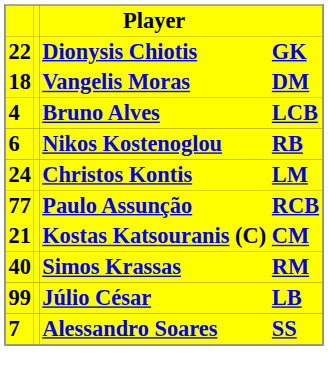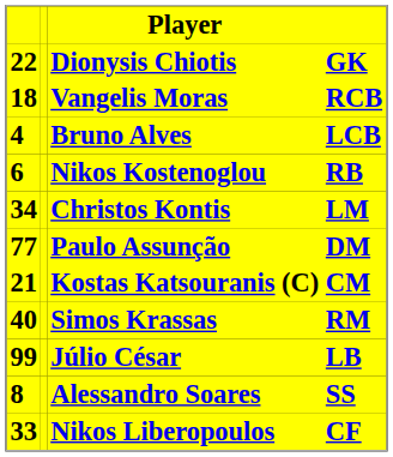 <table class="toccolours" border="0" cellpadding="2" cellspacing="0" align="center" style="margin: 0.5em 0 1em 1em; background: #000000; border: 1px #aaaaaa solid;">
 <tr bgcolor=#FFFF00>
 <th></th>
 <th></th>
 <th>Player</th>
 <th></th>
 </tr>
 <tr bgcolor=#FFFF00>
 <td><strong>22</strong></td>
 <td></td>
 <td><a href='#'><span><strong>Dionysis Chiotis</strong></span></a></td>
 <td><a href='#'><strong>GK</strong></a></td>
 </tr>
 <tr bgcolor=#FFFF00>
 <td><strong>18</strong></td>
 <td></td>
 <td><a href='#'><span><strong>Vangelis Moras</strong></span></a></td>
-<td><a href='#'><strong>DM</strong></a></td>
+<td><a href='#'><strong>RCB</strong></a></td>
 </tr>
 <tr bgcolor=#FFFF00>
 <td><strong>4</strong></td>
 <td></td>
 <td><a href='#'><span><strong>Bruno Alves</strong></span></a></td>
 <td><a href='#'><strong>LCB</strong></a></td>
 </tr>
 <tr bgcolor=#FFFF00>
 <td><strong>6</strong></td>
 <td></td>
 <td><a href='#'><span><strong>Nikos Kostenoglou</strong></span></a></td>
 <td><a href='#'><strong>RB</strong></a></td>
 </tr>
 <tr bgcolor=#FFFF00>
-<td><strong>24</strong></td>
+<td><strong>34</strong></td>
 <td></td>
 <td><a href='#'><span><strong>Christos Kontis</strong></span></a></td>
 <td><a href='#'><strong>LM</strong></a></td>
 </tr>
 <tr bgcolor=#FFFF00>
 <td><strong>77</strong></td>
 <td></td>
 <td><a href='#'><span><strong>Paulo Assunção</strong></span></a></td>
-<td><a href='#'><strong>RCB</strong></a></td>
+<td><a href='#'><strong>DM</strong></a></td>
 </tr>
 <tr bgcolor=#FFFF00>
 <td><strong>21</strong></td>
 <td></td>
 <td><a href='#'><span><strong>Kostas Katsouranis</strong></span></a> <strong>(C)</strong></td>
 <td><a href='#'><strong>CM</strong></a></td>
 </tr>
 <tr bgcolor=#FFFF00>
 <td><strong>40</strong></td>
 <td></td>
 <td><a href='#'><span><strong>Simos Krassas</strong></span></a></td>
 <td><a href='#'><strong>RM</strong></a></td>
 </tr>
 <tr bgcolor=#FFFF00>
 <td><strong>99</strong></td>
 <td></td>
 <td><a href='#'><span><strong>Júlio César</strong></span></a></td>
 <td><a href='#'><strong>LB</strong></a></td>
 </tr>
 <tr bgcolor=#FFFF00>
-<td><strong>7</strong></td>
+<td><strong>8</strong></td>
 <td></td>
 <td><a href='#'><span><strong>Alessandro Soares</strong></span></a></td>
 <td><a href='#'><strong>SS</strong></a></td>
 </tr>
+<tr bgcolor=#FFFF00>
+<td><strong>33</strong></td>
+<td></td>
+<td><a href='#'><span><strong>Nikos Liberopoulos</strong></span></a></td>
+<td><a href='#'><strong>CF</strong></a></td>
+</tr>
 </table>
